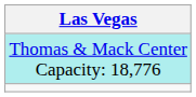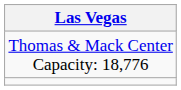 <table class="wikitable" style="text-align:center;">
 <tr>
 <th><a href='#'>Las Vegas</a></th>
 </tr>
 <tr>
-<td style="background: paleturquoise;"><a href='#'>Thomas & Mack Center</a><br>Capacity: 18,776</td>
+<td><a href='#'>Thomas & Mack Center</a><br>Capacity: 18,776</td>
 </tr>
 <tr>
 <td></td>
 </tr>
 </table>
